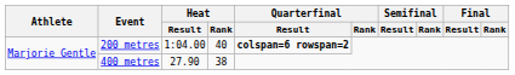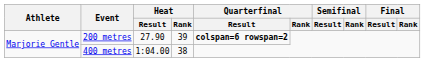 <table class=wikitable style=font-size:90%>
 <tr>
 <th rowspan=2>Athlete</th>
 <th rowspan=2>Event</th>
 <th colspan=2>Heat</th>
 <th colspan=2>Quarterfinal</th>
 <th colspan=2>Semifinal</th>
 <th colspan=2>Final</th>
 </tr>
 <tr style=font-size:95%>
 <th>Result</th>
 <th>Rank</th>
 <th>Result</th>
 <th>Rank</th>
 <th>Result</th>
 <th>Rank</th>
 <th>Result</th>
 <th>Rank</th>
 </tr>
 <tr align=center>
 <td align=left rowspan=2><a href='#'>Marjorie Gentle</a></td>
 <td align=left><a href='#'>200 metres</a></td>
-<td>1:04.00</td>
-<td>40</td>
+<td>27.90</td>
+<td>39</td>
 <td><strong>colspan=6 rowspan=2 </strong></td>
 </tr>
 <tr align=center>
 <td align=left><a href='#'>400 metres</a></td>
-<td>27.90</td>
+<td>1:04.00</td>
 <td>38</td>
 </tr>
 </table>
